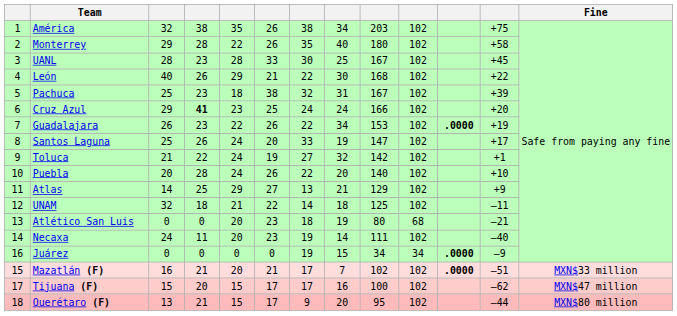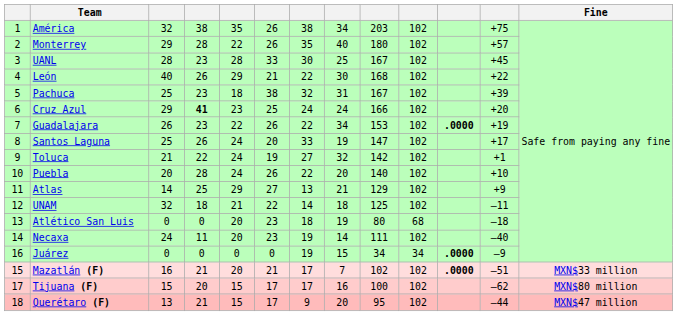 <table class="wikitable sortable" style="text-align: center;">
 <tr>
 <th width=28><br></th>
 <th width=150>Team</th>
 <th width=40></th>
 <th width=40></th>
 <th width=40></th>
 <th width=40></th>
 <th width=40></th>
 <th width=40></th>
 <th width=45></th>
 <th width=45></th>
 <th width=50><br></th>
 <th width=45><br></th>
 <th>Fine</th>
 </tr>
 <tr style="text-align:center;background:#BBFFBB;">
 <td>1</td>
 <td align=left><a href='#'>América</a></td>
 <td>32</td>
 <td>38</td>
 <td>35</td>
 <td>26</td>
 <td>38</td>
 <td>34</td>
 <td>203</td>
 <td>102</td>
 <td><strong></strong></td>
 <td>+75</td>
 <td align=center rowspan=15>Safe from paying any fine</td>
 </tr>
 <tr style="text-align:center;background:#BBFFBB;">
 <td>2</td>
 <td align=left><a href='#'>Monterrey</a></td>
 <td>29</td>
 <td>28</td>
 <td>22</td>
 <td>26</td>
 <td>35</td>
 <td>40</td>
 <td>180</td>
 <td>102</td>
 <td><strong></strong></td>
-<td>+58</td>
+<td>+57</td>
 </tr>
 <tr style="text-align:center;background:#BBFFBB;">
 <td>3</td>
 <td align=left><a href='#'>UANL</a></td>
 <td>28</td>
 <td>23</td>
 <td>28</td>
 <td>33</td>
 <td>30</td>
 <td>25</td>
 <td>167</td>
 <td>102</td>
 <td><strong></strong></td>
 <td>+45</td>
 </tr>
 <tr style="text-align:center;background:#BBFFBB;">
 <td>4</td>
 <td align=left><a href='#'>León</a></td>
 <td>40</td>
 <td>26</td>
 <td>29</td>
 <td>21</td>
 <td>22</td>
 <td>30</td>
 <td>168</td>
 <td>102</td>
 <td><strong></strong></td>
 <td>+22</td>
 </tr>
 <tr style="text-align:center;background:#BBFFBB;">
 <td>5</td>
 <td align=left><a href='#'>Pachuca</a></td>
 <td>25</td>
 <td>23</td>
 <td>18</td>
 <td>38</td>
 <td>32</td>
 <td>31</td>
 <td>167</td>
 <td>102</td>
 <td><strong></strong></td>
 <td>+39</td>
 </tr>
 <tr style="text-align:center;background:#BBFFBB;">
 <td>6</td>
 <td align=left><a href='#'>Cruz Azul</a></td>
 <td>29</td>
 <td><strong>41</strong></td>
 <td>23</td>
 <td>25</td>
 <td>24</td>
 <td>24</td>
 <td>166</td>
 <td>102</td>
 <td><strong></strong></td>
 <td>+20</td>
 </tr>
 <tr style="text-align:center;background:#BBFFBB;">
 <td>7</td>
 <td align=left><a href='#'>Guadalajara</a></td>
 <td>26</td>
 <td>23</td>
 <td>22</td>
 <td>26</td>
 <td>22</td>
 <td>34</td>
 <td>153</td>
 <td>102</td>
 <td><strong>.0000</strong></td>
 <td>+19</td>
 </tr>
 <tr style="text-align:center;background:#BBFFBB;">
 <td>8</td>
 <td align=left><a href='#'>Santos Laguna</a></td>
 <td>25</td>
 <td>26</td>
 <td>24</td>
 <td>20</td>
 <td>33</td>
 <td>19</td>
 <td>147</td>
 <td>102</td>
 <td><strong></strong></td>
 <td>+17</td>
 </tr>
 <tr style="text-align:center;background:#BBFFBB;">
 <td>9</td>
 <td align=left><a href='#'>Toluca</a></td>
 <td>21</td>
 <td>22</td>
 <td>24</td>
 <td>19</td>
 <td>27</td>
 <td>32</td>
 <td>142</td>
 <td>102</td>
 <td><strong></strong></td>
 <td>+1</td>
 </tr>
 <tr style="text-align:center;background:#BBFFBB;">
 <td>10</td>
 <td align=left><a href='#'>Puebla</a></td>
 <td>20</td>
 <td>28</td>
 <td>24</td>
 <td>26</td>
 <td>22</td>
 <td>20</td>
 <td>140</td>
 <td>102</td>
 <td><strong></strong></td>
 <td>+10</td>
 </tr>
 <tr style="text-align:center;background:#BBFFBB;">
 <td>11</td>
 <td align=left><a href='#'>Atlas</a></td>
 <td>14</td>
 <td>25</td>
 <td>29</td>
 <td>27</td>
 <td>13</td>
 <td>21</td>
 <td>129</td>
 <td>102</td>
 <td><strong></strong></td>
 <td>+9</td>
 </tr>
 <tr style="text-align:center;background:#BBFFBB;">
 <td>12</td>
 <td align=left><a href='#'>UNAM</a></td>
 <td>32</td>
 <td>18</td>
 <td>21</td>
 <td>22</td>
 <td>14</td>
 <td>18</td>
 <td>125</td>
 <td>102</td>
 <td><strong></strong></td>
 <td>–11</td>
 </tr>
 <tr style="text-align:center;background:#BBFFBB;">
 <td>13</td>
 <td align=left><a href='#'>Atlético San Luis</a></td>
 <td>0</td>
 <td>0</td>
 <td>20</td>
 <td>23</td>
 <td>18</td>
 <td>19</td>
 <td>80</td>
 <td>68</td>
 <td><strong></strong></td>
-<td>–21</td>
+<td>–18</td>
 </tr>
 <tr style="text-align:center;background:#BBFFBB;">
 <td>14</td>
 <td align=left><a href='#'>Necaxa</a></td>
 <td>24</td>
 <td>11</td>
 <td>20</td>
 <td>23</td>
 <td>19</td>
 <td>14</td>
 <td>111</td>
 <td>102</td>
 <td><strong></strong></td>
 <td>–40</td>
 </tr>
 <tr style="text-align:center;background:#BBFFBB;">
 <td>16</td>
 <td align=left><a href='#'>Juárez</a></td>
 <td>0</td>
 <td>0</td>
 <td>0</td>
 <td>0</td>
 <td>19</td>
 <td>15</td>
 <td>34</td>
 <td>34</td>
 <td><strong>.0000</strong></td>
 <td>–9</td>
 </tr>
 <tr style="text-align:center;background:#FFDDDD;">
 <td>15</td>
 <td align=left><a href='#'>Mazatlán</a> <strong>(F)</strong></td>
 <td>16</td>
 <td>21</td>
 <td>20</td>
 <td>21</td>
 <td>17</td>
 <td>7</td>
 <td>102</td>
 <td>102</td>
 <td><strong>.0000</strong></td>
 <td>–51</td>
 <td><a href='#'>MXN$</a>33 million</td>
 </tr>
 <tr style="text-align:center;background:#FFCCCC;">
 <td>17</td>
 <td align=left><a href='#'>Tijuana</a> <strong>(F)</strong></td>
 <td>15</td>
 <td>20</td>
 <td>15</td>
 <td>17</td>
 <td>17</td>
 <td>16</td>
 <td>100</td>
 <td>102</td>
 <td><strong></strong></td>
 <td>–62</td>
-<td><a href='#'>MXN$</a>47 million</td>
+<td><a href='#'>MXN$</a>80 million</td>
 </tr>
 <tr style="text-align:center;background:#FFBBBB;">
 <td>18</td>
 <td align=left><a href='#'>Querétaro</a> <strong>(F)</strong></td>
 <td>13</td>
 <td>21</td>
 <td>15</td>
 <td>17</td>
 <td>9</td>
 <td>20</td>
 <td>95</td>
 <td>102</td>
 <td><strong></strong></td>
 <td>–44</td>
-<td><a href='#'>MXN$</a>80 million</td>
+<td><a href='#'>MXN$</a>47 million</td>
 </tr>
 </table>
